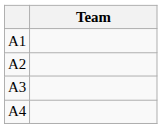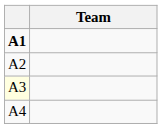 <table class="wikitable" style="display:inline-table;">
 <tr>
 <th></th>
 <th width=130>Team</th>
 </tr>
 <tr>
-<td align=center>A1</td>
+<td align=center><strong>A1</strong></td>
 <td></td>
 </tr>
 <tr>
 <td align=center>A2</td>
 <td></td>
 </tr>
 <tr>
-<td align=center>A3</td>
+<td align=center style="background: lightyellow;">A3</td>
 <td></td>
 </tr>
 <tr>
 <td align=center>A4</td>
 <td></td>
 </tr>
 </table>
